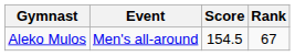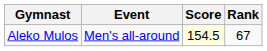 <table class=wikitable>
 <tr>
 <th>Gymnast</th>
 <th>Event</th>
 <th>Score</th>
 <th>Rank</th>
 </tr>
 <tr align=center>
 <td align=left><a href='#'>Aleko Mulos</a></td>
 <td align=left><a href='#'>Men's all-around</a></td>
-<td>154.5</td>
+<td style="background: lightyellow;">154.5</td>
 <td>67</td>
 </tr>
 </table>
